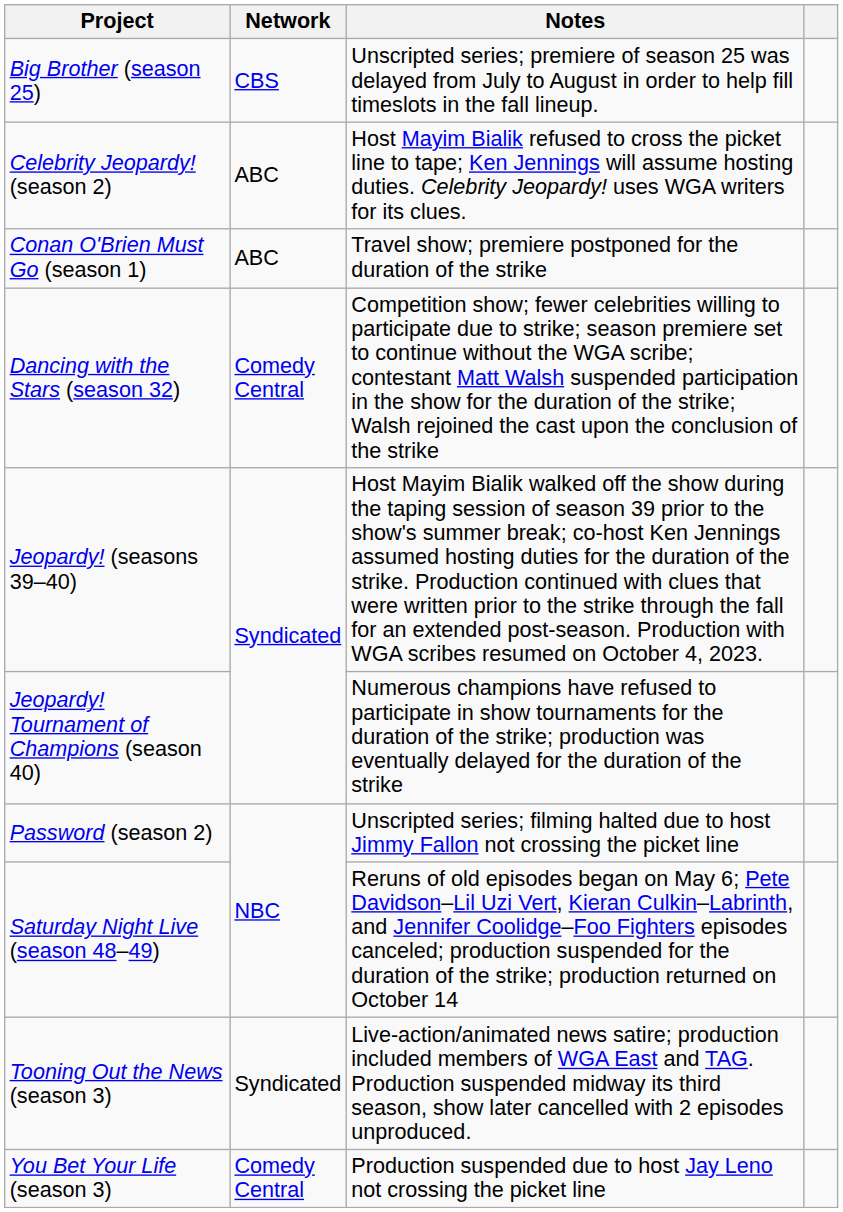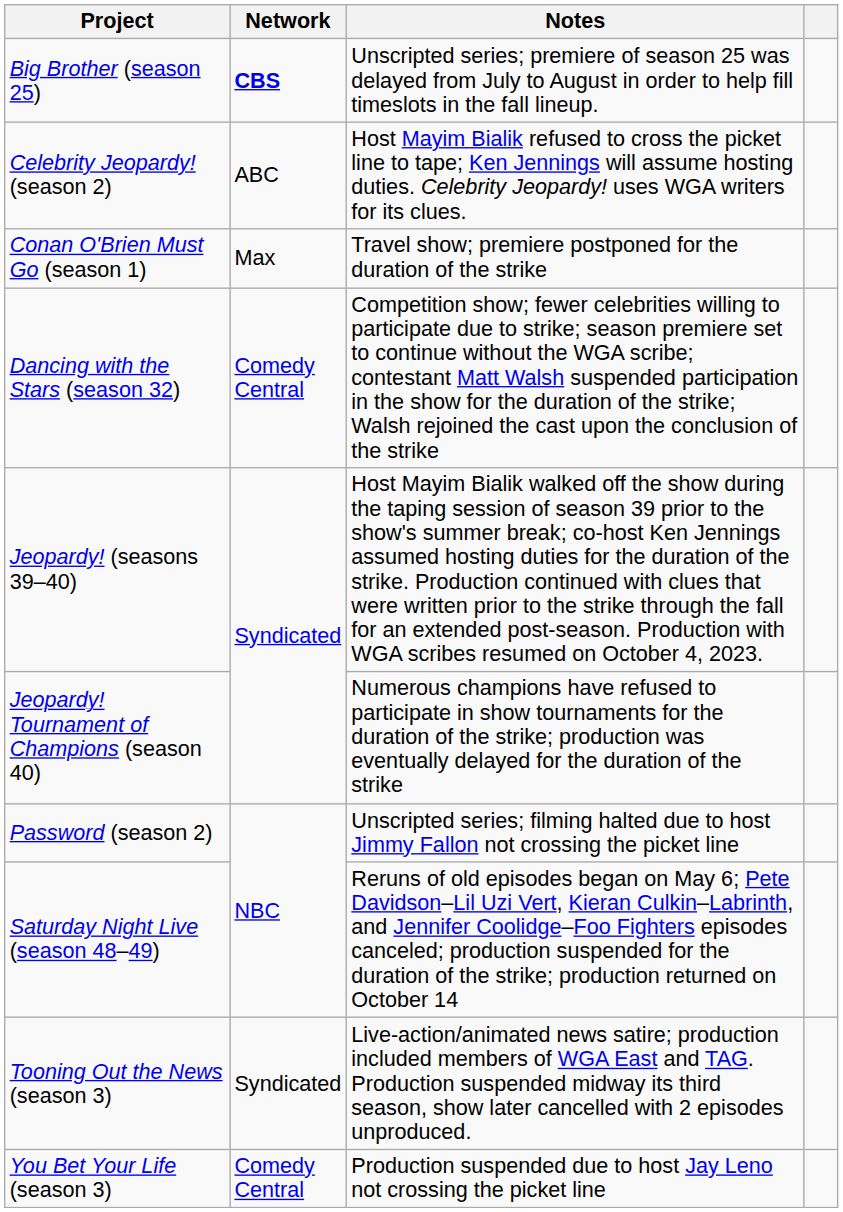 <table class="wikitable sortable defaultcenter col1left col3left" style="width:99%;">
 <tr>
 <th scope="col" style="width:27%;">Project</th>
 <th scope="col" style="width:12%;">Network</th>
 <th scope="col">Notes</th>
 <th scope="col" class="unsortable" style="width:4%;"></th>
 </tr>
 <tr>
 <td><em><a href='#'>Big Brother</a></em> (<a href='#'>season 25</a>)</td>
-<td><a href='#'>CBS</a></td>
+<td><strong><a href='#'>CBS</a></strong></td>
 <td>Unscripted series; premiere of season 25 was delayed from July to August in order to help fill timeslots in the fall lineup.</td>
 <td></td>
 </tr>
 <tr>
 <td><em><a href='#'>Celebrity Jeopardy!</a></em> (season 2)</td>
 <td>ABC</td>
 <td>Host <a href='#'>Mayim Bialik</a> refused to cross the picket line to tape; <a href='#'>Ken Jennings</a> will assume hosting duties. <em>Celebrity Jeopardy!</em> uses WGA writers for its clues.</td>
 <td></td>
 </tr>
 <tr>
 <td><em><a href='#'>Conan O'Brien Must Go</a></em> (season 1)</td>
-<td>ABC</td>
+<td>Max</td>
 <td>Travel show; premiere postponed for the duration of the strike</td>
 <td></td>
 </tr>
 <tr>
 <td><em><a href='#'>Dancing with the Stars</a></em> (<a href='#'>season 32</a>)</td>
 <td><a href='#'>Comedy Central</a></td>
 <td>Competition show; fewer celebrities willing to participate due to strike; season premiere set to continue without the WGA scribe; contestant <a href='#'>Matt Walsh</a> suspended participation in the show for the duration of the strike; Walsh rejoined the cast upon the conclusion of the strike</td>
 <td></td>
 </tr>
 <tr>
 <td><em><a href='#'>Jeopardy!</a></em> (seasons 39–40)</td>
 <td rowspan="2"><a href='#'>Syndicated</a></td>
 <td>Host Mayim Bialik walked off the show during the taping session of season 39 prior to the show's summer break; co-host Ken Jennings assumed hosting duties for the duration of the strike. Production continued with clues that were written prior to the strike through the fall for an extended post-season. Production with WGA scribes resumed on October 4, 2023.</td>
 <td></td>
 </tr>
 <tr>
 <td><em><a href='#'>Jeopardy! Tournament of Champions</a></em> (season 40)</td>
 <td>Numerous champions have refused to participate in show tournaments for the duration of the strike; production was eventually delayed for the duration of the strike</td>
 <td></td>
 </tr>
 <tr>
 <td><em><a href='#'>Password</a></em> (season 2)</td>
 <td rowspan="2"><a href='#'>NBC</a></td>
 <td>Unscripted series; filming halted due to host <a href='#'>Jimmy Fallon</a> not crossing the picket line</td>
 <td></td>
 </tr>
 <tr>
 <td><em><a href='#'>Saturday Night Live</a></em> (<a href='#'>season 48</a>–<a href='#'>49</a>)</td>
 <td>Reruns of old episodes began on May 6; <a href='#'>Pete Davidson</a>–<a href='#'>Lil Uzi Vert</a>, <a href='#'>Kieran Culkin</a>–<a href='#'>Labrinth</a>, and <a href='#'>Jennifer Coolidge</a>–<a href='#'>Foo Fighters</a> episodes canceled; production suspended for the duration of the strike; production returned on October 14</td>
 <td></td>
 </tr>
 <tr>
 <td><em><a href='#'>Tooning Out the News</a></em> (season 3)</td>
 <td>Syndicated</td>
 <td>Live-action/animated news satire; production included members of <a href='#'>WGA East</a> and <a href='#'>TAG</a>. Production suspended midway its third season, show later cancelled with 2 episodes unproduced.</td>
 <td><br>   </td>
 </tr>
 <tr>
 <td><em><a href='#'>You Bet Your Life</a></em> (season 3)</td>
 <td><a href='#'>Comedy Central</a></td>
 <td>Production suspended due to host <a href='#'>Jay Leno</a> not crossing the picket line</td>
 <td></td>
 </tr>
 </table>
